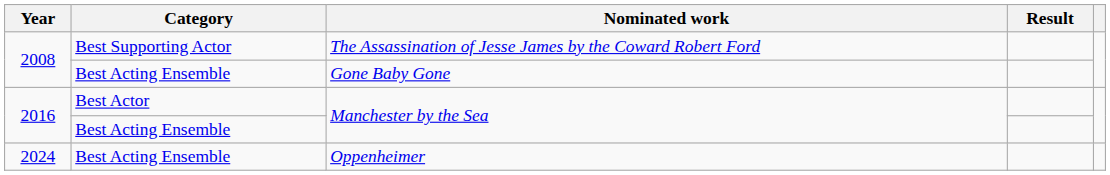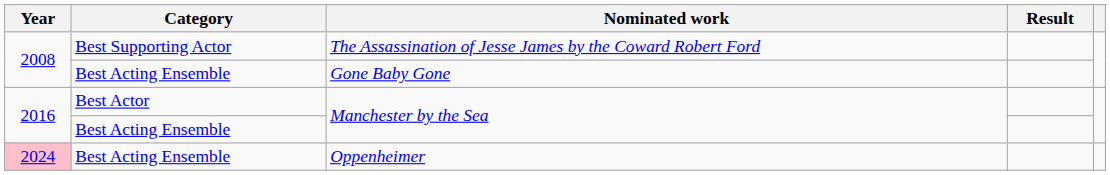 <table class="wikitable" style="width:80%;">
 <tr>
 <th scope="row">Year</th>
 <th scope="row">Category</th>
 <th scope="row">Nominated work</th>
 <th scope="row">Result</th>
 <th scope="row"></th>
 </tr>
 <tr>
 <td align="center" rowspan="2"><a href='#'>2008</a></td>
 <td><a href='#'>Best Supporting Actor</a></td>
 <td><em><a href='#'>The Assassination of Jesse James by the Coward Robert Ford</a></em></td>
 <td></td>
 <td align="center" rowspan="2"></td>
 </tr>
 <tr>
 <td><a href='#'>Best Acting Ensemble</a></td>
 <td><em><a href='#'>Gone Baby Gone</a></em></td>
 <td></td>
 </tr>
 <tr>
 <td align="center" rowspan="2"><a href='#'>2016</a></td>
 <td><a href='#'>Best Actor</a></td>
 <td rowspan="2"><em><a href='#'>Manchester by the Sea</a></em></td>
 <td></td>
 <td align="center" rowspan="2"></td>
 </tr>
 <tr>
 <td><a href='#'>Best Acting Ensemble</a></td>
 <td></td>
 </tr>
 <tr>
-<td align="center"><a href='#'>2024</a></td>
+<td align="center" style="background: pink;"><a href='#'>2024</a></td>
 <td><a href='#'>Best Acting Ensemble</a></td>
 <td><em><a href='#'>Oppenheimer</a></em></td>
 <td></td>
 <td align="center"></td>
 </tr>
 </table>
